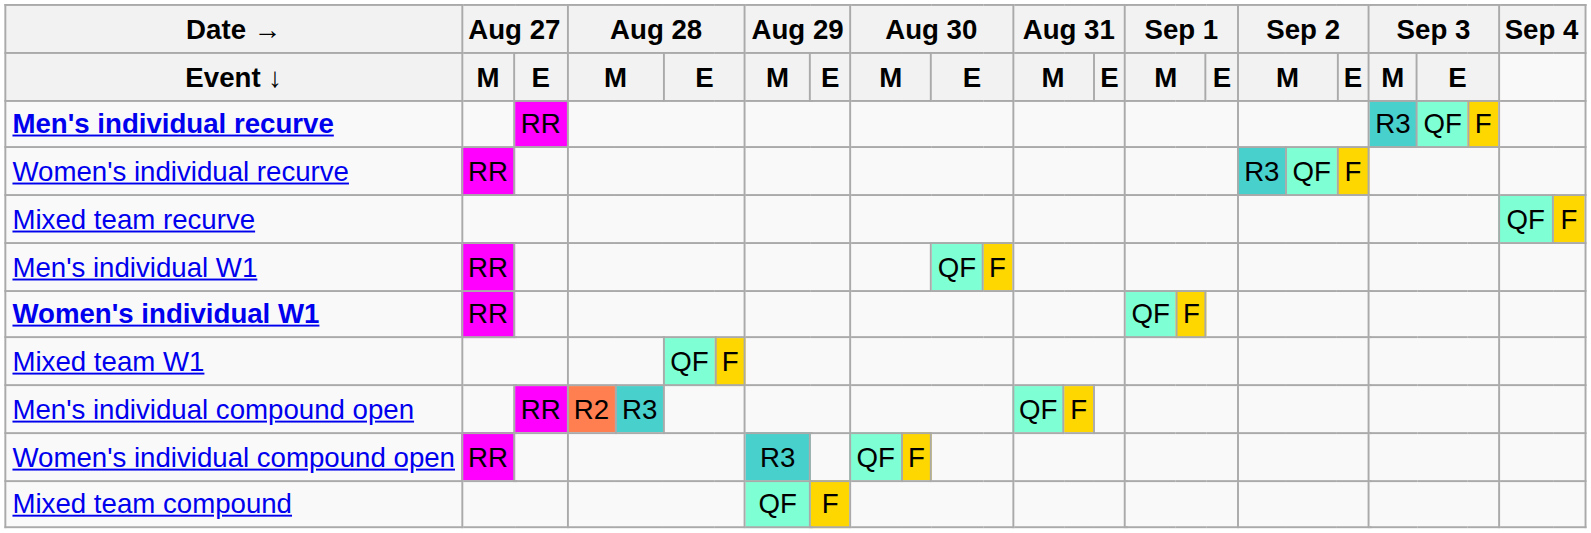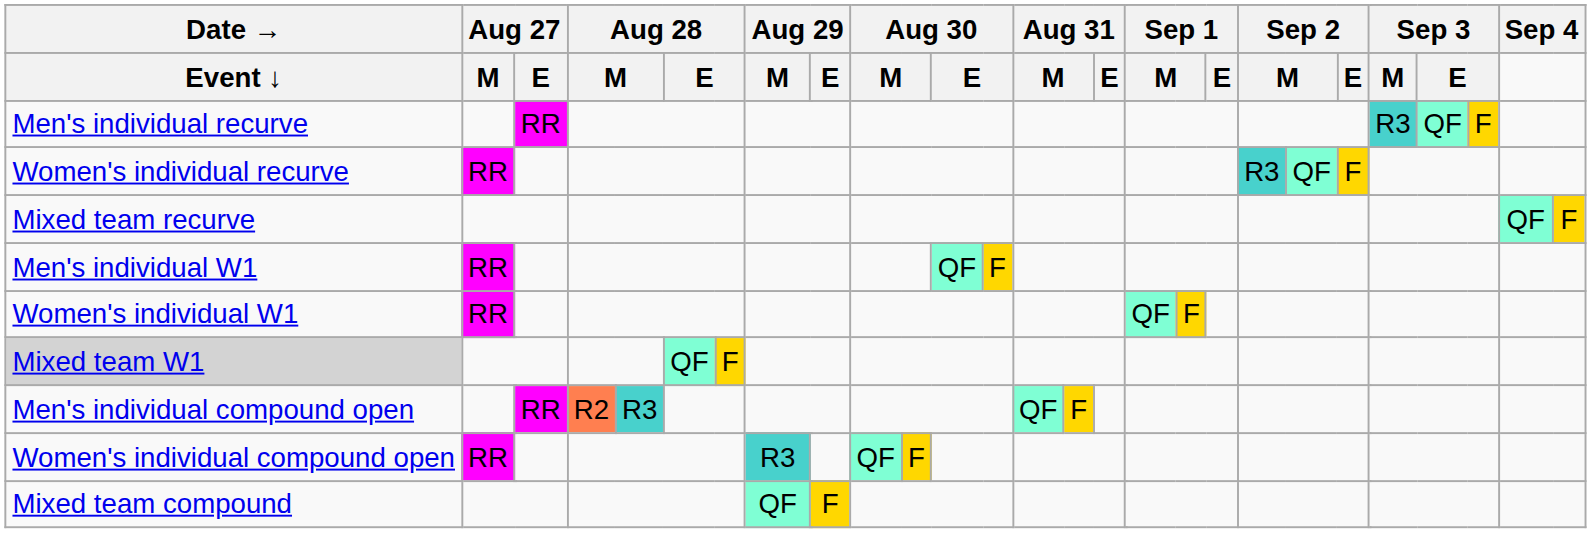 <table class="wikitable" style="margin:0.5em auto; font-size:90%; line-height:1.25em; text-align:center;">
 <tr>
 <th>Date →</th>
 <th colspan="4">Aug 27</th>
 <th colspan="4">Aug 28</th>
 <th colspan="4">Aug 29</th>
 <th colspan="4">Aug 30</th>
 <th colspan="4">Aug 31</th>
 <th colspan="4">Sep 1</th>
 <th colspan="4">Sep 2</th>
 <th colspan="4">Sep 3</th>
 <th colspan="4">Sep 4</th>
 </tr>
 <tr>
 <th>Event  ↓</th>
 <th colspan="2">M</th>
 <th colspan="2">E</th>
 <th colspan="2">M</th>
 <th colspan="2">E</th>
 <th colspan="2">M</th>
 <th colspan="2">E</th>
 <th colspan="2">M</th>
 <th colspan="2">E</th>
 <th colspan="2">M</th>
 <th colspan="2">E</th>
 <th colspan="2">M</th>
 <th colspan="2">E</th>
 <th colspan="2">M</th>
 <th colspan="2">E</th>
 <th colspan="2">M</th>
 <th colspan="2">E</th>
 </tr>
 <tr>
-<td style="text-align:left;"><strong><a href='#'>Men's individual recurve</a></strong></td>
+<td style="text-align:left;"><a href='#'>Men's individual recurve</a></td>
 <td colspan="2"></td>
 <td colspan="2" bgcolor="#FF00FF">RR</td>
 <td colspan="4"></td>
 <td colspan="4"></td>
 <td colspan="4"></td>
 <td colspan="4"></td>
 <td colspan="4"></td>
 <td colspan="4"></td>
 <td colspan="2" bgcolor="#48D1CC">R3</td>
 <td bgcolor="7FFFD4">QF</td>
 <td bgcolor="gold">F</td>
 <td colspan="4"></td>
 </tr>
 <tr>
 <td style="text-align:left;"><a href='#'>Women's individual recurve</a></td>
 <td colspan="2" bgcolor="#FF00FF">RR</td>
 <td colspan="2"></td>
 <td colspan="4"></td>
 <td colspan="4"></td>
 <td colspan="4"></td>
 <td colspan="4"></td>
 <td colspan="4"></td>
 <td bgcolor="#48D1CC">R3</td>
 <td bgcolor="#7FFFD4">QF</td>
 <td colspan="2" bgcolor="gold">F</td>
 <td colspan="4"></td>
 <td colspan="4"></td>
 </tr>
 <tr>
 <td style="text-align:left;"><a href='#'>Mixed team recurve</a></td>
 <td colspan="4"></td>
 <td colspan="4"></td>
 <td colspan="4"></td>
 <td colspan="4"></td>
 <td colspan="4"></td>
 <td colspan="4"></td>
 <td colspan="4"></td>
 <td colspan="4"></td>
 <td colspan="2" bgcolor="#7FFFD4">QF</td>
 <td colspan="2" bgcolor="gold">F</td>
 </tr>
 <tr>
 <td style="text-align:left;"><a href='#'>Men's individual W1</a></td>
 <td colspan="2" bgcolor="#FF00FF">RR</td>
 <td colspan="2"></td>
 <td colspan="4"></td>
 <td colspan="4"></td>
 <td colspan="2"></td>
 <td bgcolor="7FFFD4">QF</td>
 <td bgcolor="gold">F</td>
 <td colspan="4"></td>
 <td colspan="4"></td>
 <td colspan="4"></td>
 <td colspan="4"></td>
 <td colspan="4"></td>
 </tr>
 <tr>
-<td style="text-align:left;"><strong><a href='#'>Women's individual W1</a></strong></td>
+<td style="text-align:left;"><a href='#'>Women's individual W1</a></td>
 <td colspan="2" bgcolor="#FF00FF">RR</td>
 <td colspan="2"></td>
 <td colspan="4"></td>
 <td colspan="4"></td>
 <td colspan="4"></td>
 <td colspan="4"></td>
 <td bgcolor="7FFFD4">QF</td>
 <td bgcolor="gold">F</td>
 <td colspan="2"></td>
 <td colspan="4"></td>
 <td colspan="4"></td>
 <td colspan="4"></td>
 </tr>
 <tr>
-<td style="text-align:left;"><a href='#'>Mixed team W1</a></td>
+<td style="background: lightgrey; text-align:left;"><a href='#'>Mixed team W1</a></td>
 <td colspan="4"></td>
 <td colspan="2"></td>
 <td bgcolor="7FFFD4">QF</td>
 <td bgcolor="gold">F</td>
 <td colspan="4"></td>
 <td colspan="4"></td>
 <td colspan="4"></td>
 <td colspan="4"></td>
 <td colspan="4"></td>
 <td colspan="4"></td>
 <td colspan="4"></td>
 </tr>
 <tr>
 <td style="text-align:left;"><a href='#'>Men's individual compound open</a></td>
 <td colspan="2"></td>
 <td colspan="2" bgcolor="#FF00FF">RR</td>
 <td bgcolor="FF7F50">R2</td>
 <td bgcolor="48D1CC">R3</td>
 <td colspan="2"></td>
 <td colspan="4"></td>
 <td colspan="4"></td>
 <td bgcolor="7FFFD4">QF</td>
 <td bgcolor="gold">F</td>
 <td colspan="2"></td>
 <td colspan="4"></td>
 <td colspan="4"></td>
 <td colspan="4"></td>
 <td colspan="4"></td>
 </tr>
 <tr>
 <td style="text-align:left;"><a href='#'>Women's individual compound open</a></td>
 <td colspan="2" bgcolor="#FF00FF">RR</td>
 <td colspan="2"></td>
 <td colspan="4"></td>
 <td colspan="2" bgcolor="#48D1CC">R3</td>
 <td colspan="2"></td>
 <td bgcolor="7FFFD4">QF</td>
 <td bgcolor="gold">F</td>
 <td colspan="2"></td>
 <td colspan="4"></td>
 <td colspan="4"></td>
 <td colspan="4"></td>
 <td colspan="4"></td>
 <td colspan="4"></td>
 </tr>
 <tr>
 <td style="text-align:left;"><a href='#'>Mixed team compound</a></td>
 <td colspan="4"></td>
 <td colspan="4"></td>
 <td colspan="2" bgcolor="#7FFFD4">QF</td>
 <td colspan="2" bgcolor="gold">F</td>
 <td colspan="4"></td>
 <td colspan="4"></td>
 <td colspan="4"></td>
 <td colspan="4"></td>
 <td colspan="4"></td>
 <td colspan="4"></td>
 </tr>
 </table>
